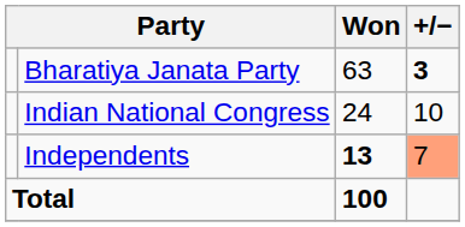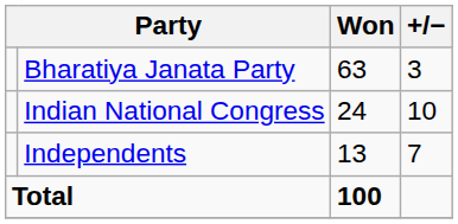 <table class="sortable wikitable">
 <tr>
 <th colspan="2">Party</th>
 <th>Won</th>
 <th><strong>+/−</strong></th>
 </tr>
 <tr>
 <td></td>
 <td><a href='#'>Bharatiya Janata Party</a></td>
 <td>63</td>
-<td><strong>3</strong></td>
+<td>3</td>
 </tr>
 <tr>
 <td></td>
 <td><a href='#'>Indian National Congress</a></td>
 <td>24</td>
 <td>10</td>
 </tr>
 <tr>
 <td></td>
 <td><a href='#'>Independents</a></td>
-<td><strong>13</strong></td>
-<td style="background: lightsalmon;">7</td>
+<td>13</td>
+<td>7</td>
 </tr>
 <tr>
 <td colspan="2"><strong>Total</strong></td>
 <td><strong>100</strong></td>
 <td></td>
 </tr>
 <tr>
 </tr>
 </table>
